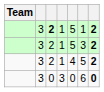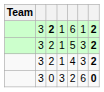 <table class=wikitable style="text-align:center">
 <tr>
 <th>Team</th>
 <th></th>
 <th></th>
 <th></th>
 <th></th>
 <th></th>
 <th></th>
 </tr>
 <tr bgcolor=ccffcc>
 <td style="text-align:left"></td>
 <td>3</td>
 <td><strong>2</strong></td>
 <td>1</td>
-<td>5</td>
+<td>6</td>
 <td>1</td>
 <td><strong>2</strong></td>
 </tr>
 <tr bgcolor=ccffcc>
 <td style="text-align:left"></td>
 <td>3</td>
 <td>2</td>
 <td>1</td>
 <td>5</td>
 <td>3</td>
 <td><strong>2</strong></td>
 </tr>
 <tr>
 <td style="text-align:left"></td>
 <td>3</td>
 <td>2</td>
 <td>1</td>
 <td>4</td>
-<td>5</td>
+<td>3</td>
 <td><strong>2</strong></td>
 </tr>
 <tr>
 <td style="text-align:left"></td>
 <td>3</td>
 <td>0</td>
 <td>3</td>
-<td>0</td>
+<td>2</td>
 <td>6</td>
 <td><strong>0</strong></td>
 </tr>
 </table>
